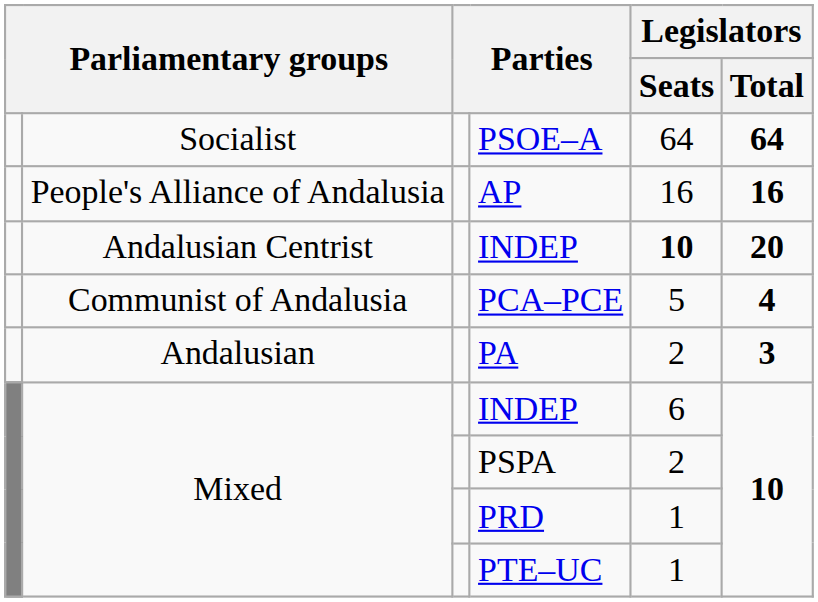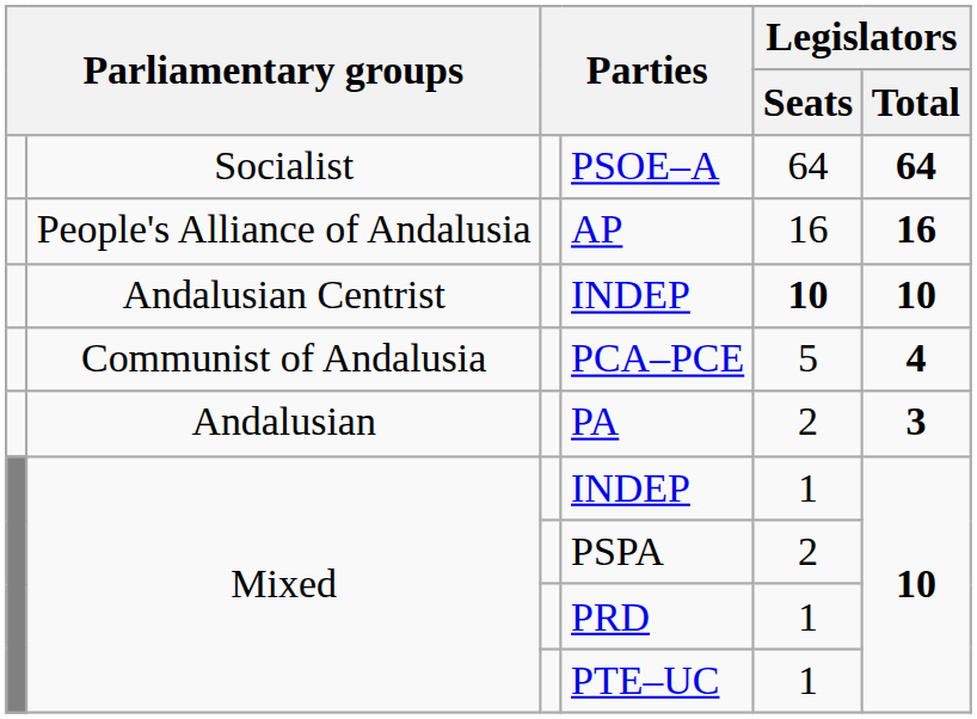 <table class="wikitable" style="text-align:center;">
 <tr>
 <th rowspan="2" colspan="2">Parliamentary groups</th>
 <th rowspan="2" colspan="2">Parties</th>
 <th colspan="2">Legislators</th>
 </tr>
 <tr>
 <th>Seats</th>
 <th>Total</th>
 </tr>
 <tr>
 <td width="1" style="color:inherit;background:"></td>
 <td>Socialist</td>
 <td width="1" style="color:inherit;background:"></td>
 <td align="left"><a href='#'>PSOE–A</a></td>
 <td>64</td>
 <td><strong>64</strong></td>
 </tr>
 <tr>
 <td style="color:inherit;background:"></td>
 <td>People's Alliance of Andalusia</td>
 <td style="color:inherit;background:"></td>
 <td align="left"><a href='#'>AP</a></td>
 <td>16</td>
 <td><strong>16</strong></td>
 </tr>
 <tr>
 <td style="color:inherit;background:"></td>
 <td>Andalusian Centrist</td>
 <td style="color:inherit;background:"></td>
 <td align="left"><a href='#'>INDEP</a></td>
 <td><strong>10</strong></td>
-<td><strong>20</strong></td>
+<td><strong>10</strong></td>
 </tr>
 <tr>
 <td style="color:inherit;background:"></td>
 <td>Communist of Andalusia</td>
 <td style="color:inherit;background:"></td>
 <td align="left"><a href='#'>PCA–PCE</a></td>
 <td>5</td>
 <td><strong>4</strong></td>
 </tr>
 <tr>
 <td style="color:inherit;background:"></td>
 <td>Andalusian</td>
 <td style="color:inherit;background:"></td>
 <td align="left"><a href='#'>PA</a></td>
 <td>2</td>
 <td><strong>3</strong></td>
 </tr>
 <tr>
 <td rowspan="4" bgcolor="gray"></td>
 <td rowspan="4">Mixed</td>
 <td style="color:inherit;background:"></td>
 <td align="left"><a href='#'>INDEP</a></td>
-<td>6</td>
+<td>1</td>
 <td rowspan="4"><strong>10</strong></td>
 </tr>
 <tr>
 <td style="color:inherit;background:"></td>
 <td align="left">PSPA</td>
 <td>2</td>
 </tr>
 <tr>
 <td style="color:inherit;background:"></td>
 <td align="left"><a href='#'>PRD</a></td>
 <td>1</td>
 </tr>
 <tr>
 <td style="color:inherit;background:"></td>
 <td align="left"><a href='#'>PTE–UC</a></td>
 <td>1</td>
 </tr>
 </table>
